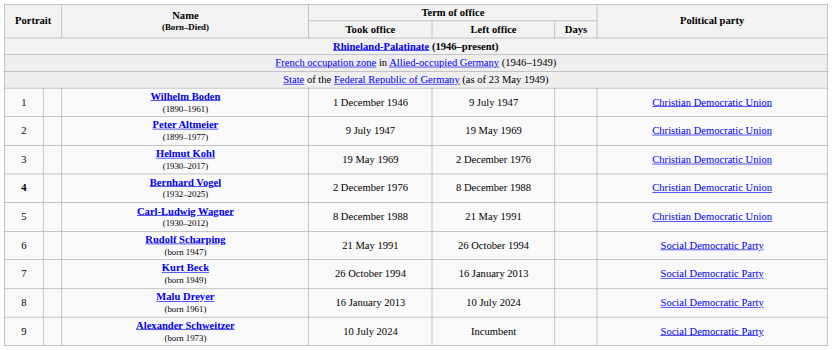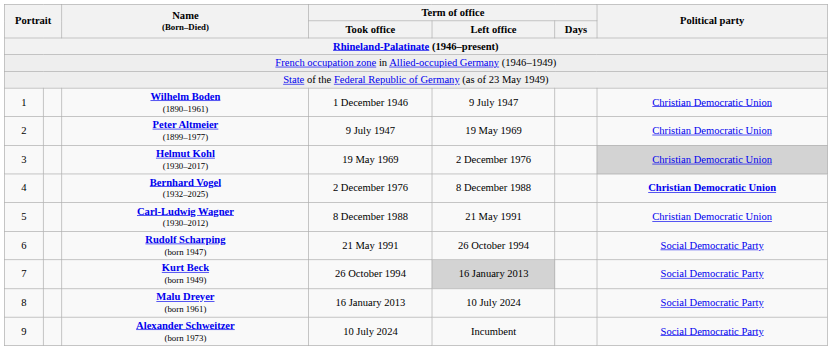 <table class="wikitable" style="text-align:center; border:1px #AAAAFF solid">
 <tr>
 <th width=80px rowspan=2 colspan=2>Portrait</th>
 <th width=30% rowspan=2>Name<br><small>(Born–Died)</small></th>
 <th width=35% colspan=3>Term of office</th>
 <th width=28% rowspan=2>Political party</th>
 </tr>
 <tr>
 <th>Took office</th>
 <th>Left office</th>
 <th>Days</th>
 </tr>
 <tr>
 <th colspan="7"><a href='#'>Rhineland-Palatinate</a> (1946–present)</th>
 </tr>
 <tr>
 <td bgcolor=#EEEEEE colspan=8><a href='#'>French occupation zone</a> in <a href='#'>Allied-occupied Germany</a> (1946–1949)</td>
 </tr>
 <tr>
 <td bgcolor=#EEEEEE colspan=8><a href='#'>State</a> of the <a href='#'>Federal Republic of Germany</a> (as of 23 May 1949)</td>
 </tr>
 <tr>
 <td style="background:">1</td>
 <td></td>
 <td><strong><a href='#'>Wilhelm Boden</a></strong><br><small>(1890–1961)</small></td>
 <td>1 December 1946</td>
 <td>9 July 1947</td>
 <td></td>
 <td><a href='#'>Christian Democratic Union</a></td>
 </tr>
 <tr>
 <td style="background:">2</td>
 <td></td>
 <td><strong><a href='#'>Peter Altmeier</a></strong><br><small>(1899–1977)</small></td>
 <td>9 July 1947</td>
 <td>19 May 1969</td>
 <td></td>
 <td><a href='#'>Christian Democratic Union</a></td>
 </tr>
 <tr>
 <td style="background:">3</td>
 <td></td>
 <td><strong><a href='#'>Helmut Kohl</a></strong><br><small>(1930–2017)</small></td>
 <td>19 May 1969</td>
 <td>2 December 1976<br></td>
 <td></td>
-<td><a href='#'>Christian Democratic Union</a></td>
+<td style="background: lightgrey;"><a href='#'>Christian Democratic Union</a></td>
 </tr>
 <tr>
-<td style="background:"><strong>4</strong></td>
+<td style="background:">4</td>
 <td></td>
 <td><strong><a href='#'>Bernhard Vogel</a></strong><br><small>(1932–2025)</small></td>
 <td>2 December 1976</td>
 <td>8 December 1988<br></td>
 <td></td>
-<td><a href='#'>Christian Democratic Union</a></td>
+<td><strong><a href='#'>Christian Democratic Union</a></strong></td>
 </tr>
 <tr>
 <td style="background:">5</td>
 <td></td>
 <td><strong><a href='#'>Carl-Ludwig Wagner</a></strong><br><small>(1930–2012)</small></td>
 <td>8 December 1988</td>
 <td>21 May 1991</td>
 <td></td>
 <td><a href='#'>Christian Democratic Union</a></td>
 </tr>
 <tr>
 <td style="background:">6</td>
 <td></td>
 <td><strong><a href='#'>Rudolf Scharping</a></strong><br><small>(born 1947)</small></td>
 <td>21 May 1991</td>
 <td>26 October 1994<br></td>
 <td></td>
 <td><a href='#'>Social Democratic Party</a></td>
 </tr>
 <tr>
 <td style="background:">7</td>
 <td></td>
 <td><strong><a href='#'>Kurt Beck</a></strong><br><small>(born 1949)</small></td>
 <td>26 October 1994</td>
-<td>16 January 2013<br></td>
+<td style="background: lightgrey;">16 January 2013<br></td>
 <td></td>
 <td><a href='#'>Social Democratic Party</a></td>
 </tr>
 <tr>
 <td style="background:">8</td>
 <td></td>
 <td><strong><a href='#'>Malu Dreyer</a></strong><br><small>(born 1961)</small></td>
 <td>16 January 2013</td>
 <td>10 July 2024<br></td>
 <td></td>
 <td><a href='#'>Social Democratic Party</a></td>
 </tr>
 <tr>
 <td style="background:">9</td>
 <td></td>
 <td><strong><a href='#'>Alexander Schweitzer</a></strong><br><small>(born 1973)</small></td>
 <td>10 July 2024</td>
 <td>Incumbent</td>
 <td></td>
 <td><a href='#'>Social Democratic Party</a></td>
 </tr>
 </table>
